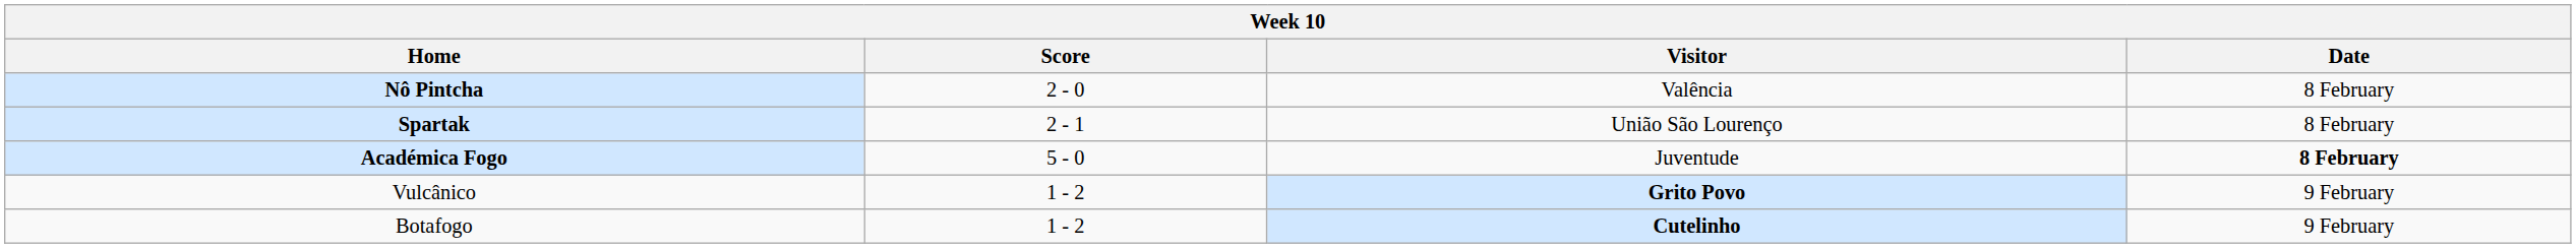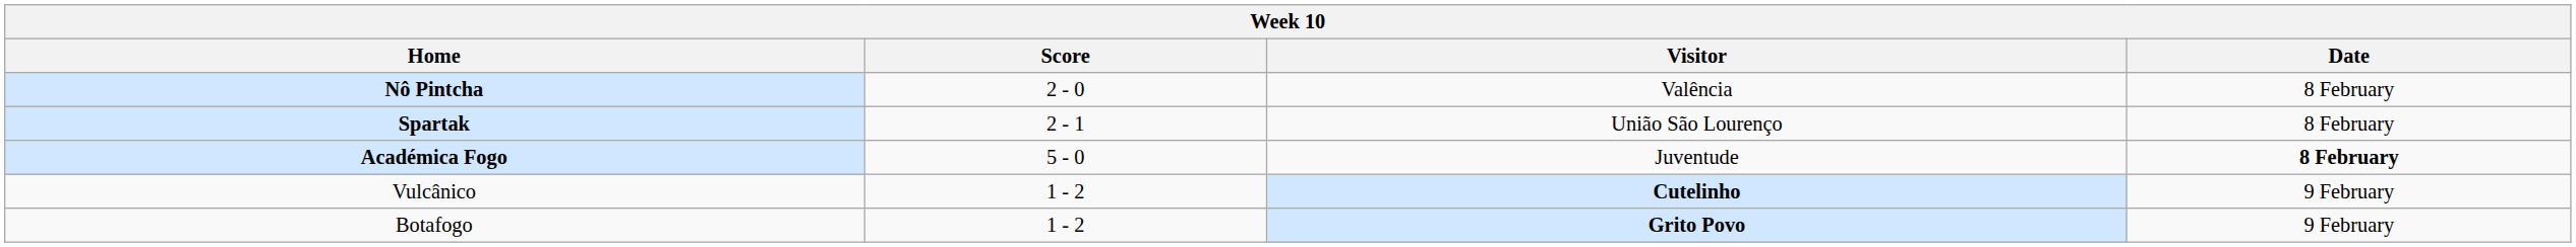 <table class="wikitable" style="margin:1em auto; font-size:95%; text-align: center; width: 95%;">
 <tr>
 <th colspan="12"  style="with:100%; text-align:center;">Week 10</th>
 </tr>
 <tr>
 <th style="width:200px;">Home</th>
 <th width="90">Score</th>
 <th style="width:200px;">Visitor</th>
 <th style="width:100px;">Date</th>
 </tr>
 <tr align=center>
 <td style="background:#d0e7ff;"><strong>Nô Pintcha</strong></td>
 <td>2 - 0</td>
 <td>Valência</td>
 <td>8 February</td>
 </tr>
 <tr align=center>
 <td style="background:#d0e7ff;"><strong>Spartak</strong></td>
 <td>2 - 1</td>
 <td>União São Lourenço</td>
 <td>8 February</td>
 </tr>
 <tr align=center>
 <td style="background:#d0e7ff;"><strong>Académica Fogo</strong></td>
 <td>5 - 0</td>
 <td>Juventude</td>
 <td><strong>8 February</strong></td>
 </tr>
 <tr align=center>
 <td>Vulcânico</td>
 <td>1 - 2</td>
-<td style="background:#d0e7ff;"><strong>Grito Povo</strong></td>
+<td style="background:#d0e7ff;"><strong>Cutelinho</strong></td>
 <td>9 February</td>
 </tr>
 <tr align=center>
 <td>Botafogo</td>
 <td>1 - 2</td>
-<td style="background:#d0e7ff;"><strong>Cutelinho</strong></td>
+<td style="background:#d0e7ff;"><strong>Grito Povo</strong></td>
 <td>9 February</td>
 </tr>
 </table>
